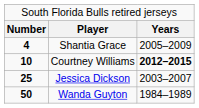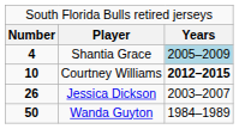 <table class="wikitable sortable" style="text-align:center;">
 <tr>
 <td colspan="3" style="text-align:center;">South Florida Bulls retired jerseys</td>
 </tr>
 <tr>
 <th style="text-align:center;">Number</th>
 <th style="text-align:center;">Player</th>
 <th style="text-align:center;">Years</th>
 </tr>
 <tr>
 <td><strong>4</strong></td>
 <td>Shantia Grace</td>
-<td>2005–2009</td>
+<td style="background: lightblue;">2005–2009</td>
 </tr>
 <tr>
 <td><strong>10</strong></td>
 <td>Courtney Williams</td>
 <td><strong>2012–2015</strong></td>
 </tr>
 <tr>
-<td><strong>25</strong></td>
+<td><strong>26</strong></td>
 <td><a href='#'>Jessica Dickson</a></td>
 <td>2003–2007</td>
 </tr>
 <tr>
 <td><strong>50</strong></td>
 <td><a href='#'>Wanda Guyton</a></td>
 <td>1984–1989</td>
 </tr>
 </table>
